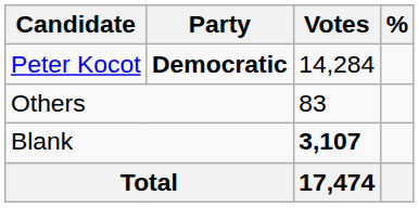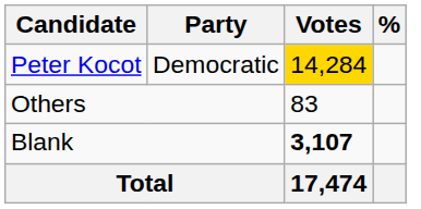 <table class="wikitable">
 <tr>
 <th>Candidate</th>
 <th>Party</th>
 <th>Votes</th>
 <th>%</th>
 </tr>
 <tr>
 <td><a href='#'>Peter Kocot</a></td>
-<td><strong>Democratic</strong></td>
-<td>14,284</td>
+<td>Democratic</td>
+<td style="background: gold;">14,284</td>
 <td></td>
 </tr>
 <tr>
 <td colspan = 2>Others</td>
 <td>83</td>
 <td></td>
 </tr>
 <tr>
 <td colspan = 2>Blank</td>
 <td><strong>3,107</strong></td>
 <td></td>
 </tr>
 <tr>
 <th colspan = 2>Total</th>
 <th>17,474</th>
 <th></th>
 </tr>
 </table>
